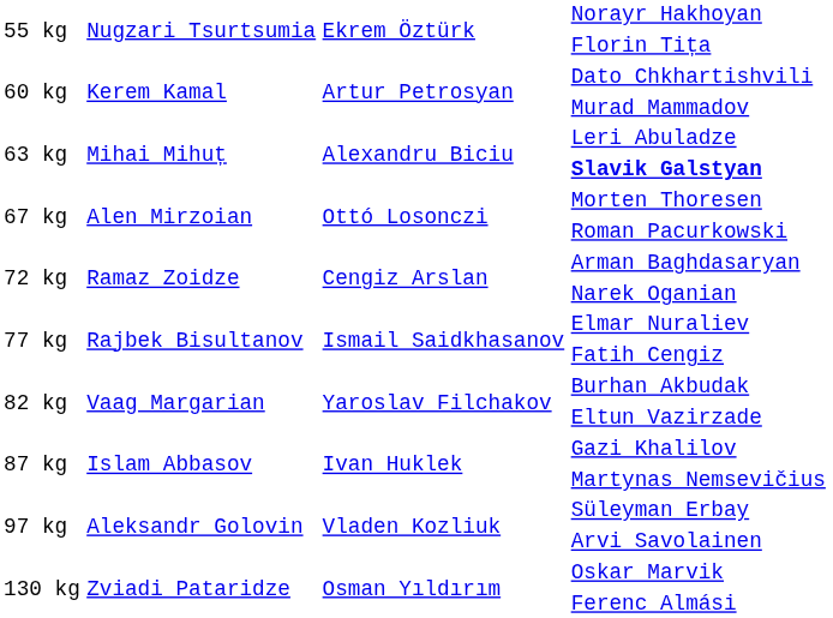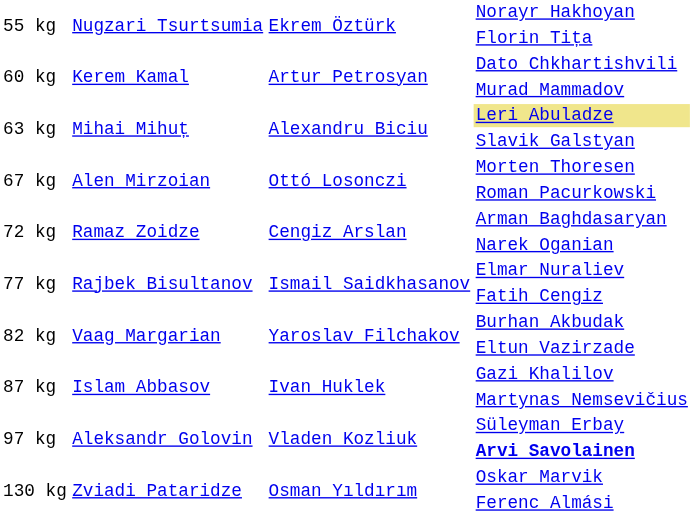 <table>
 <tr>
 <td rowspan=2>55 kg</td>
 <td rowspan=2> <a href='#'>Nugzari Tsurtsumia</a></td>
 <td rowspan=2> <a href='#'>Ekrem Öztürk</a></td>
 <td> <a href='#'>Norayr Hakhoyan</a></td>
 </tr>
 <tr>
 <td> <a href='#'>Florin Tița</a></td>
 </tr>
 <tr>
 <td rowspan=2>60 kg</td>
 <td rowspan=2> <a href='#'>Kerem Kamal</a></td>
 <td rowspan=2> <a href='#'>Artur Petrosyan</a></td>
 <td> <a href='#'>Dato Chkhartishvili</a></td>
 </tr>
 <tr>
 <td> <a href='#'>Murad Mammadov</a></td>
 </tr>
 <tr>
 <td rowspan=2>63 kg</td>
 <td rowspan=2> <a href='#'>Mihai Mihuț</a></td>
 <td rowspan=2> <a href='#'>Alexandru Biciu</a></td>
-<td> <a href='#'>Leri Abuladze</a></td>
+<td style="background: khaki;"> <a href='#'>Leri Abuladze</a></td>
 </tr>
 <tr>
-<td><strong> <a href='#'>Slavik Galstyan</a></strong></td>
+<td> <a href='#'>Slavik Galstyan</a></td>
 </tr>
 <tr>
 <td rowspan=2>67 kg</td>
 <td rowspan=2> <a href='#'>Alen Mirzoian</a></td>
 <td rowspan=2> <a href='#'>Ottó Losonczi</a></td>
 <td> <a href='#'>Morten Thoresen</a></td>
 </tr>
 <tr>
 <td> <a href='#'>Roman Pacurkowski</a></td>
 </tr>
 <tr>
 <td rowspan=2>72 kg</td>
 <td rowspan=2> <a href='#'>Ramaz Zoidze</a></td>
 <td rowspan=2> <a href='#'>Cengiz Arslan</a></td>
 <td> <a href='#'>Arman Baghdasaryan</a></td>
 </tr>
 <tr>
 <td> <a href='#'>Narek Oganian</a></td>
 </tr>
 <tr>
 <td rowspan=2>77 kg</td>
 <td rowspan=2> <a href='#'>Rajbek Bisultanov</a></td>
 <td rowspan=2> <a href='#'>Ismail Saidkhasanov</a></td>
 <td> <a href='#'>Elmar Nuraliev</a></td>
 </tr>
 <tr>
 <td> <a href='#'>Fatih Cengiz</a></td>
 </tr>
 <tr>
 <td rowspan=2>82 kg</td>
 <td rowspan=2> <a href='#'>Vaag Margarian</a></td>
 <td rowspan=2> <a href='#'>Yaroslav Filchakov</a></td>
 <td> <a href='#'>Burhan Akbudak</a></td>
 </tr>
 <tr>
 <td> <a href='#'>Eltun Vazirzade</a></td>
 </tr>
 <tr>
 <td rowspan=2>87 kg</td>
 <td rowspan=2> <a href='#'>Islam Abbasov</a></td>
 <td rowspan=2> <a href='#'>Ivan Huklek</a></td>
 <td> <a href='#'>Gazi Khalilov</a></td>
 </tr>
 <tr>
 <td> <a href='#'>Martynas Nemsevičius</a></td>
 </tr>
 <tr>
 <td rowspan=2>97 kg</td>
 <td rowspan=2> <a href='#'>Aleksandr Golovin</a></td>
 <td rowspan=2> <a href='#'>Vladen Kozliuk</a></td>
 <td> <a href='#'>Süleyman Erbay</a></td>
 </tr>
 <tr>
-<td> <a href='#'>Arvi Savolainen</a></td>
+<td><strong> <a href='#'>Arvi Savolainen</a></strong></td>
 </tr>
 <tr>
 <td rowspan=2>130 kg</td>
 <td rowspan=2> <a href='#'>Zviadi Pataridze</a></td>
 <td rowspan=2> <a href='#'>Osman Yıldırım</a></td>
 <td> <a href='#'>Oskar Marvik</a></td>
 </tr>
 <tr>
 <td> <a href='#'>Ferenc Almási</a></td>
 </tr>
 </table>
